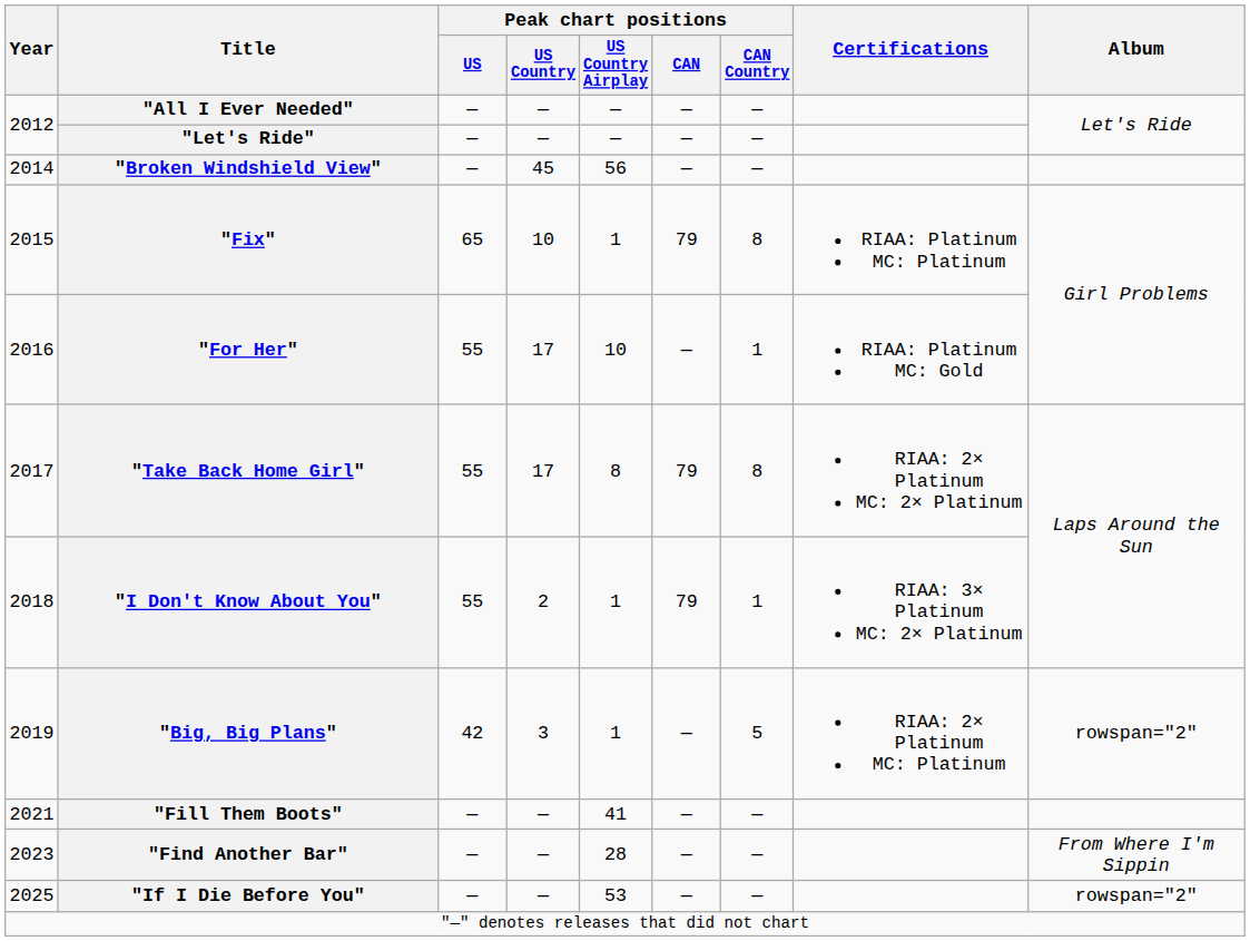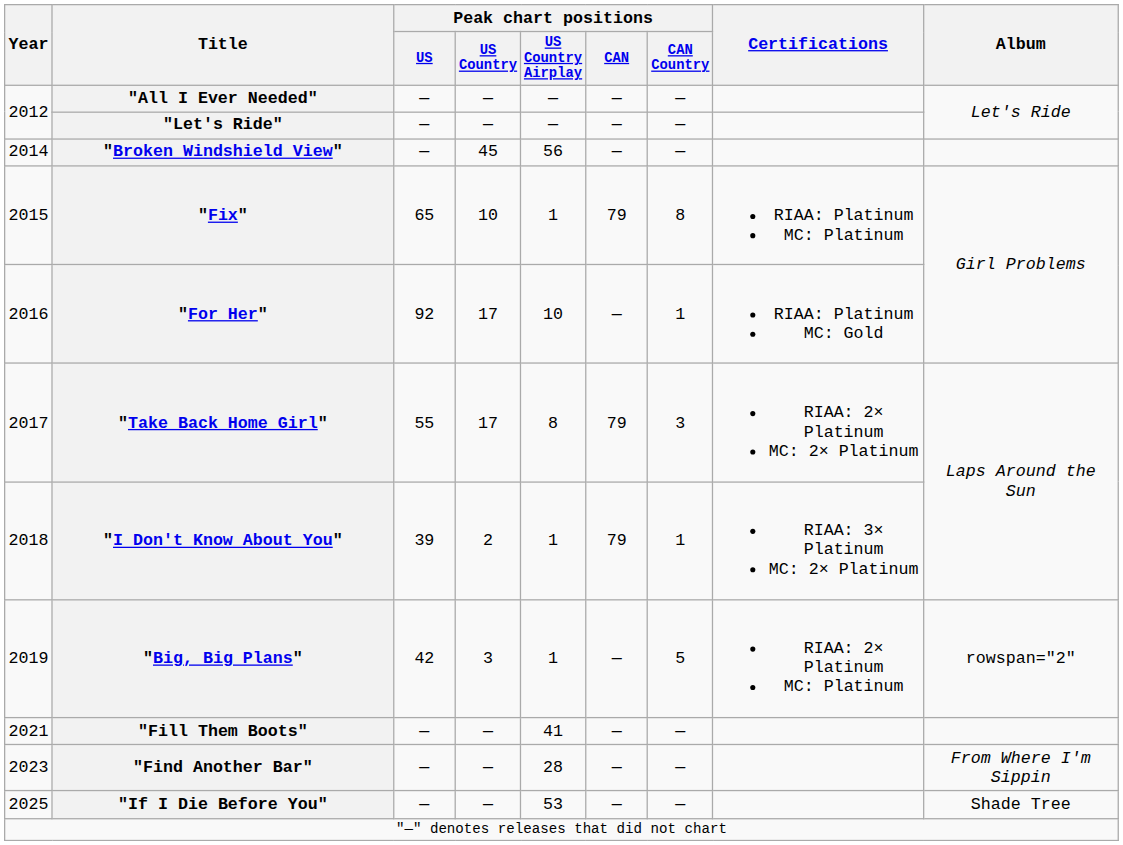 <table class="wikitable plainrowheaders" style="text-align:center;">
 <tr>
 <th scope="col" rowspan="2">Year</th>
 <th scope="col" rowspan="2" style="width:20em;">Title</th>
 <th scope="col" colspan="5">Peak chart positions</th>
 <th scope="col" rowspan="2"><a href='#'>Certifications</a></th>
 <th scope="col" rowspan="2">Album</th>
 </tr>
 <tr style="font-size:smaller;">
 <th scope="col" style="width:4em;"><a href='#'>US</a><br></th>
 <th scope="col" style="width:4em;"><a href='#'>US Country</a><br></th>
 <th scope="col" style="width:4em;"><a href='#'>US Country Airplay</a><br></th>
 <th scope="col" style="width:4em;"><a href='#'>CAN</a><br></th>
 <th scope="col" style="width:4em;"><a href='#'>CAN Country</a><br></th>
 </tr>
 <tr>
 <td rowspan="2">2012</td>
 <th scope="row">"All I Ever Needed"<br></th>
 <td>—</td>
 <td>—</td>
 <td>—</td>
 <td>—</td>
 <td>—</td>
 <td></td>
 <td rowspan="2"><em>Let's Ride</em></td>
 </tr>
 <tr>
 <th scope="row">"Let's Ride"<br></th>
 <td>—</td>
 <td>—</td>
 <td>—</td>
 <td>—</td>
 <td>—</td>
 <td></td>
 </tr>
 <tr>
 <td>2014</td>
 <th scope="row">"<a href='#'>Broken Windshield View</a>"</th>
 <td>—</td>
 <td>45</td>
 <td>56</td>
 <td>—</td>
 <td>—</td>
 <td></td>
 <td></td>
 </tr>
 <tr>
 <td>2015</td>
 <th scope="row">"<a href='#'>Fix</a>"</th>
 <td>65</td>
 <td>10</td>
 <td>1</td>
 <td>79</td>
 <td>8</td>
 <td><br><ul><li>RIAA: Platinum</li><li>MC: Platinum</li></ul></td>
 <td rowspan="2"><em>Girl Problems</em></td>
 </tr>
 <tr>
 <td>2016</td>
 <th scope="row">"<a href='#'>For Her</a>"</th>
-<td>55</td>
+<td>92</td>
 <td>17</td>
 <td>10</td>
 <td>—</td>
 <td>1</td>
 <td><br><ul><li>RIAA: Platinum</li><li>MC: Gold</li></ul></td>
 </tr>
 <tr>
 <td>2017</td>
 <th scope="row">"<a href='#'>Take Back Home Girl</a>"<br></th>
 <td>55</td>
 <td>17</td>
 <td>8</td>
 <td>79</td>
-<td>8</td>
+<td>3</td>
 <td><br><ul><li>RIAA: 2× Platinum</li><li>MC: 2× Platinum</li></ul></td>
 <td rowspan="2"><em>Laps Around the Sun</em></td>
 </tr>
 <tr>
 <td>2018</td>
 <th scope="row">"<a href='#'>I Don't Know About You</a>"</th>
-<td>55</td>
+<td>39</td>
 <td>2</td>
 <td>1</td>
 <td>79</td>
 <td>1</td>
 <td><br><ul><li>RIAA: 3× Platinum</li><li>MC: 2× Platinum</li></ul></td>
 </tr>
 <tr>
 <td>2019</td>
 <th scope="row">"<a href='#'>Big, Big Plans</a>"</th>
 <td>42</td>
 <td>3</td>
 <td>1</td>
 <td>—</td>
 <td>5</td>
 <td><br><ul><li>RIAA: 2× Platinum</li><li>MC: Platinum</li></ul></td>
 <td>rowspan="2" </td>
 </tr>
 <tr>
 <td>2021</td>
 <th scope="row">"Fill Them Boots"</th>
 <td>—</td>
 <td>—</td>
 <td>41</td>
 <td>—</td>
 <td>—</td>
 <td></td>
 </tr>
 <tr>
 <td>2023</td>
 <th scope="row">"Find Another Bar"</th>
 <td>—</td>
 <td>—</td>
 <td>28</td>
 <td>—</td>
 <td>—</td>
 <td></td>
 <td><em>From Where I'm Sippin<strong></td>
 </tr>
 <tr>
 <td>2025</td>
 <th scope="row">"If I Die Before You"</th>
 <td>—</td>
 <td>—</td>
 <td>53</td>
 <td>—</td>
 <td>—</td>
 <td></td>
-<td>rowspan="2" </td>
+<td></em>Shade Tree<em></td>
 </tr>
 <tr>
 <td colspan="10" style="font-size:85%">"—" denotes releases that did not chart</td>
 </tr>
 </table>
